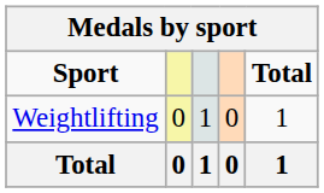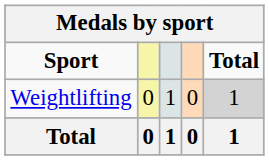 <table class="wikitable" style="font-size:85%; float:right">
 <tr bgcolor=#efefef>
 <th colspan=7>Medals by sport</th>
 </tr>
 <tr align=center>
 <td><strong>Sport</strong></td>
 <td bgcolor=#f7f6a8></td>
 <td bgcolor=#dce5e5></td>
 <td bgcolor=#ffdab9></td>
 <td><strong>Total</strong></td>
 </tr>
 <tr align=center>
 <td><a href='#'>Weightlifting</a></td>
 <td bgcolor=#f7f6a8>0</td>
 <td bgcolor=#dce5e5>1</td>
 <td bgcolor=#ffdab9>0</td>
-<td>1</td>
+<td style="background: lightgrey;">1</td>
 </tr>
 <tr align=center>
 <th>Total</th>
 <th bgcolor=gold>0</th>
 <th bgcolor=silver>1</th>
 <th bgcolor=#c96>0</th>
 <th>1</th>
 </tr>
 </table>
